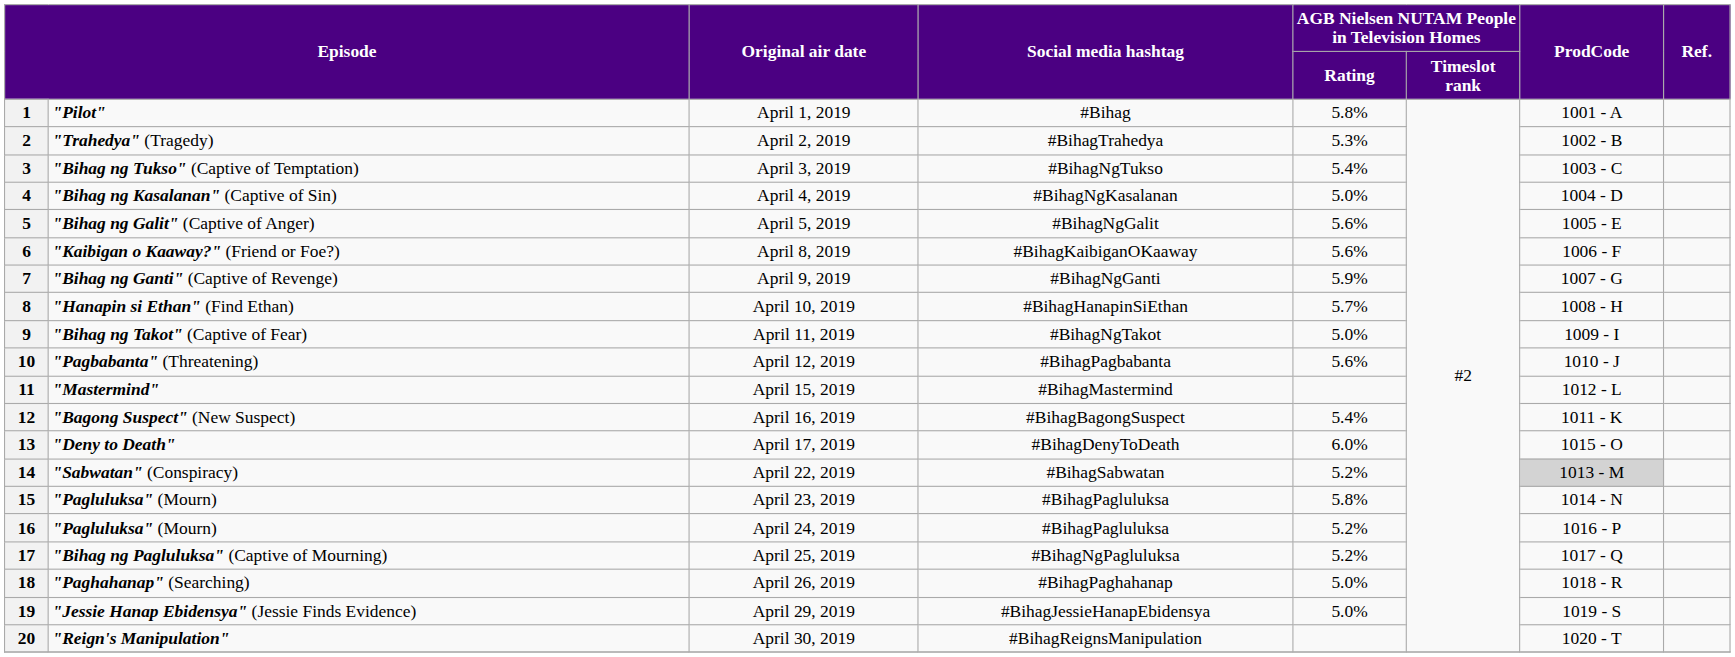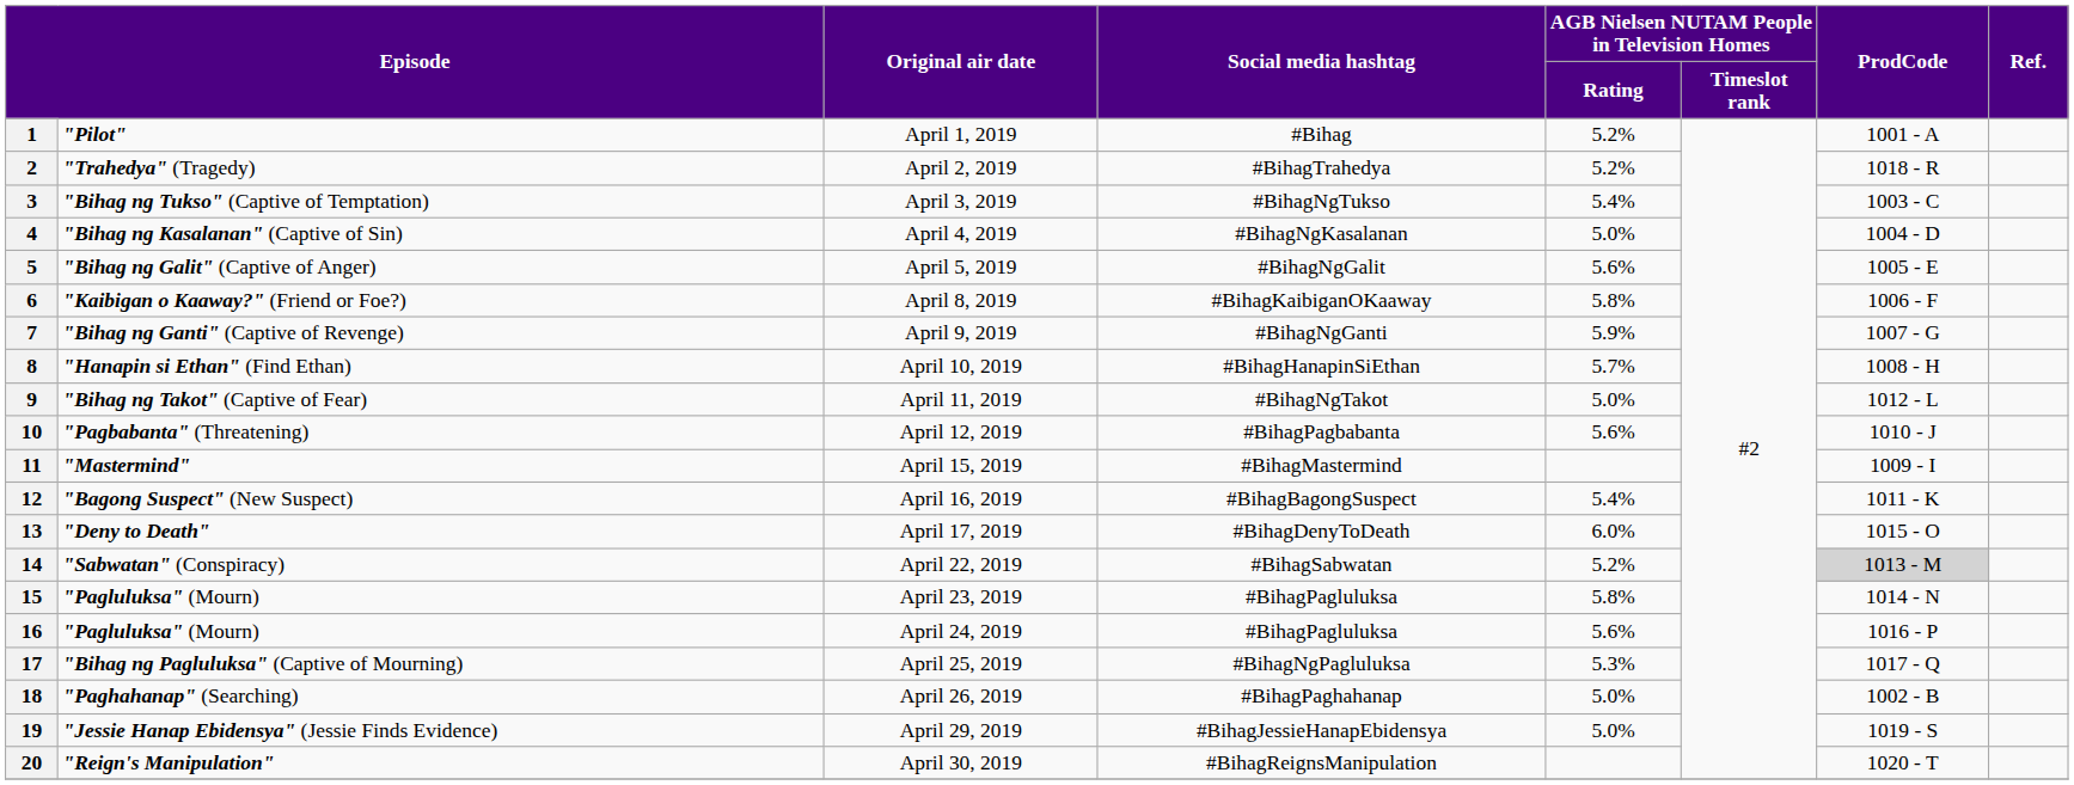 <table class="wikitable" style="text-align:center; font-size:100%; line-height:18px;" width="100%">
 <tr>
 <th style="background-color:#4B0082; color:#ffffff;" colspan="2" rowspan="2">Episode</th>
 <th style="background-color:#4B0082; color:white" rowspan="2">Original air date</th>
 <th style="background-color:#4B0082; color:white" rowspan="2">Social media hashtag</th>
 <th style="background-color:#4B0082; color:#ffffff;" colspan="2">AGB Nielsen NUTAM People in Television Homes</th>
 <th style="background-color:#4B0082; color:#ffffff;" rowspan="2">ProdCode</th>
 <th style="background-color:#4B0082; color:white;" rowspan="2">Ref.</th>
 </tr>
 <tr>
 <th style="background-color:#4B0082; width:75px; color:#ffffff;">Rating</th>
 <th style="background-color:#4B0082; width:75px; color:#ffffff;">Timeslot <br> rank</th>
 </tr>
 <tr>
 <th>1</th>
 <td style="text-align: left;"><strong><em>"Pilot"</em></strong></td>
 <td>April 1, 2019</td>
 <td>#Bihag</td>
-<td>5.8%</td>
+<td>5.2%</td>
 <td rowspan="20">#2</td>
 <td>1001 - A</td>
 <td></td>
 </tr>
 <tr>
 <th>2</th>
 <td style="text-align: left;"><strong><em>"Trahedya"</em></strong> (Tragedy)</td>
 <td>April 2, 2019</td>
 <td>#BihagTrahedya</td>
-<td>5.3%</td>
-<td>1002 - B</td>
+<td>5.2%</td>
+<td>1018 - R</td>
 <td></td>
 </tr>
 <tr>
 <th>3</th>
 <td style="text-align: left;"><strong><em>"Bihag ng Tukso"</em></strong> (Captive of Temptation)</td>
 <td>April 3, 2019</td>
 <td>#BihagNgTukso</td>
 <td>5.4%</td>
 <td>1003 - C</td>
 <td></td>
 </tr>
 <tr>
 <th>4</th>
 <td style="text-align: left;"><strong><em>"Bihag ng Kasalanan"</em></strong> (Captive of Sin)</td>
 <td>April 4, 2019</td>
 <td>#BihagNgKasalanan</td>
 <td>5.0%</td>
 <td>1004 - D</td>
 <td></td>
 </tr>
 <tr>
 <th>5</th>
 <td style="text-align: left;"><strong><em>"Bihag ng Galit"</em></strong> (Captive of Anger)</td>
 <td>April 5, 2019</td>
 <td>#BihagNgGalit</td>
 <td>5.6%</td>
 <td>1005 - E</td>
 <td></td>
 </tr>
 <tr>
 <th>6</th>
 <td style="text-align: left;"><strong><em>"Kaibigan o Kaaway?"</em></strong> (Friend or Foe?)</td>
 <td>April 8, 2019</td>
 <td>#BihagKaibiganOKaaway</td>
-<td>5.6%</td>
+<td>5.8%</td>
 <td>1006 - F</td>
 <td></td>
 </tr>
 <tr>
 <th>7</th>
 <td style="text-align: left;"><strong><em>"Bihag ng Ganti"</em></strong> (Captive of Revenge)</td>
 <td>April 9, 2019</td>
 <td>#BihagNgGanti</td>
 <td>5.9%</td>
 <td>1007 - G</td>
 <td></td>
 </tr>
 <tr>
 <th>8</th>
 <td style="text-align: left;"><strong><em>"Hanapin si Ethan"</em></strong> (Find Ethan)</td>
 <td>April 10, 2019</td>
 <td>#BihagHanapinSiEthan</td>
 <td>5.7%</td>
 <td>1008 - H</td>
 <td></td>
 </tr>
 <tr>
 <th>9</th>
 <td style="text-align: left;"><strong><em>"Bihag ng Takot"</em></strong> (Captive of Fear)</td>
 <td>April 11, 2019</td>
 <td>#BihagNgTakot</td>
 <td>5.0%</td>
-<td>1009 - I</td>
+<td>1012 - L</td>
 <td></td>
 </tr>
 <tr>
 <th>10</th>
 <td style="text-align: left;"><strong><em>"Pagbabanta"</em></strong> (Threatening)</td>
 <td>April 12, 2019</td>
 <td>#BihagPagbabanta</td>
 <td>5.6%</td>
 <td>1010 - J</td>
 <td></td>
 </tr>
 <tr>
 <th>11</th>
 <td style="text-align: left;"><strong><em>"Mastermind"</em></strong></td>
 <td>April 15, 2019</td>
 <td>#BihagMastermind</td>
 <td></td>
-<td>1012 - L</td>
+<td>1009 - I</td>
 <td></td>
 </tr>
 <tr>
 <th>12</th>
 <td style="text-align: left;"><strong><em>"Bagong Suspect"</em></strong> (New Suspect)</td>
 <td>April 16, 2019</td>
 <td>#BihagBagongSuspect</td>
 <td>5.4%</td>
 <td>1011 - K</td>
 <td></td>
 </tr>
 <tr>
 <th>13</th>
 <td style="text-align: left;"><strong><em>"Deny to Death"</em></strong></td>
 <td>April 17, 2019</td>
 <td>#BihagDenyToDeath</td>
 <td>6.0%</td>
 <td>1015 - O</td>
 <td></td>
 </tr>
 <tr>
 <th>14</th>
 <td style="text-align: left;"><strong><em>"Sabwatan"</em></strong> (Conspiracy)</td>
 <td>April 22, 2019</td>
 <td>#BihagSabwatan</td>
 <td>5.2%</td>
 <td style="background: lightgrey;">1013 - M</td>
 <td></td>
 </tr>
 <tr>
 <th>15</th>
 <td style="text-align: left;"><strong><em>"Pagluluksa"</em></strong> (Mourn)</td>
 <td>April 23, 2019</td>
 <td>#BihagPagluluksa</td>
 <td>5.8%</td>
 <td>1014 - N</td>
 <td></td>
 </tr>
 <tr>
 <th>16</th>
 <td style="text-align: left;"><strong><em>"Pagluluksa"</em></strong> (Mourn)</td>
 <td>April 24, 2019</td>
 <td>#BihagPagluluksa</td>
-<td>5.2%</td>
+<td>5.6%</td>
 <td>1016 - P</td>
 <td></td>
 </tr>
 <tr>
 <th>17</th>
 <td style="text-align: left;"><strong><em>"Bihag ng Pagluluksa"</em></strong> (Captive of Mourning)</td>
 <td>April 25, 2019</td>
 <td>#BihagNgPagluluksa</td>
-<td>5.2%</td>
+<td>5.3%</td>
 <td>1017 - Q</td>
 <td></td>
 </tr>
 <tr>
 <th>18</th>
 <td style="text-align: left;"><strong><em>"Paghahanap"</em></strong> (Searching)</td>
 <td>April 26, 2019</td>
 <td>#BihagPaghahanap</td>
 <td>5.0%</td>
-<td>1018 - R</td>
+<td>1002 - B</td>
 <td></td>
 </tr>
 <tr>
 <th>19</th>
 <td style="text-align: left;"><strong><em>"Jessie Hanap Ebidensya"</em></strong> (Jessie Finds Evidence)</td>
 <td>April 29, 2019</td>
 <td>#BihagJessieHanapEbidensya</td>
 <td>5.0%</td>
 <td>1019 - S</td>
 <td></td>
 </tr>
 <tr>
 <th>20</th>
 <td style="text-align: left;"><strong><em>"Reign's Manipulation"</em></strong></td>
 <td>April 30, 2019</td>
 <td>#BihagReignsManipulation</td>
 <td></td>
 <td>1020 - T</td>
 <td></td>
 </tr>
 <tr>
 </tr>
 </table>
